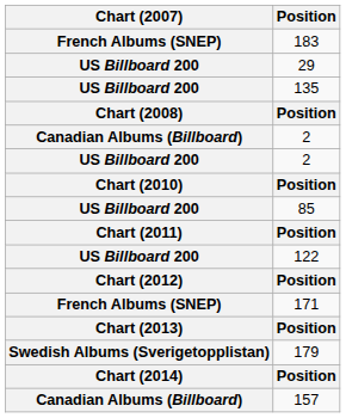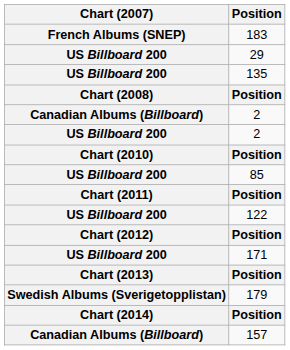 <table class="wikitable plainrowheaders" style="text-align:center;">
 <tr>
 <th scope="col">Chart (2007)</th>
 <th scope="col">Position</th>
 </tr>
 <tr>
 <th scope="row">French Albums (SNEP)</th>
 <td>183</td>
 </tr>
 <tr>
 <th scope="row">US <em>Billboard</em> 200</th>
 <td>29</td>
 </tr>
 <tr>
 <th scope="row">US <em>Billboard</em> 200</th>
 <td>135</td>
 </tr>
 <tr>
 <th scope="col">Chart (2008)</th>
 <th scope="col">Position</th>
 </tr>
 <tr>
 <th scope="row">Canadian Albums (<em>Billboard</em>)</th>
 <td>2</td>
 </tr>
 <tr>
 <th scope="row">US <em>Billboard</em> 200</th>
 <td>2</td>
 </tr>
 <tr>
 <th scope="col">Chart (2010)</th>
 <th scope="col">Position</th>
 </tr>
 <tr>
 <th scope="row">US <em>Billboard</em> 200</th>
 <td>85</td>
 </tr>
 <tr>
 <th scope="col">Chart (2011)</th>
 <th scope="col">Position</th>
 </tr>
 <tr>
 <th scope="row">US <em>Billboard</em> 200</th>
 <td>122</td>
 </tr>
 <tr>
 <th scope="col">Chart (2012)</th>
 <th scope="col">Position</th>
 </tr>
 <tr>
-<th scope="row">French Albums (SNEP)</th>
+<th scope="row">US <em>Billboard</em> 200</th>
 <td>171</td>
 </tr>
 <tr>
 <th scope="col">Chart (2013)</th>
 <th scope="col">Position</th>
 </tr>
 <tr>
 <th scope="row">Swedish Albums (Sverigetopplistan)</th>
 <td>179</td>
 </tr>
 <tr>
 <th scope="col">Chart (2014)</th>
 <th scope="col">Position</th>
 </tr>
 <tr>
 <th scope="row">Canadian Albums (<em>Billboard</em>)</th>
 <td>157</td>
 </tr>
 </table>
